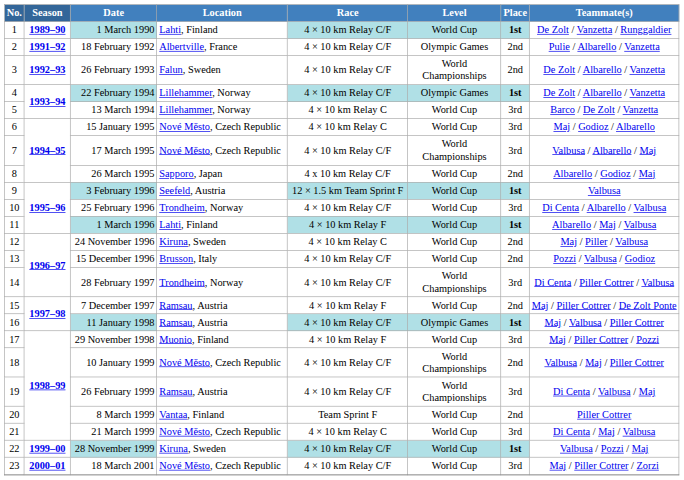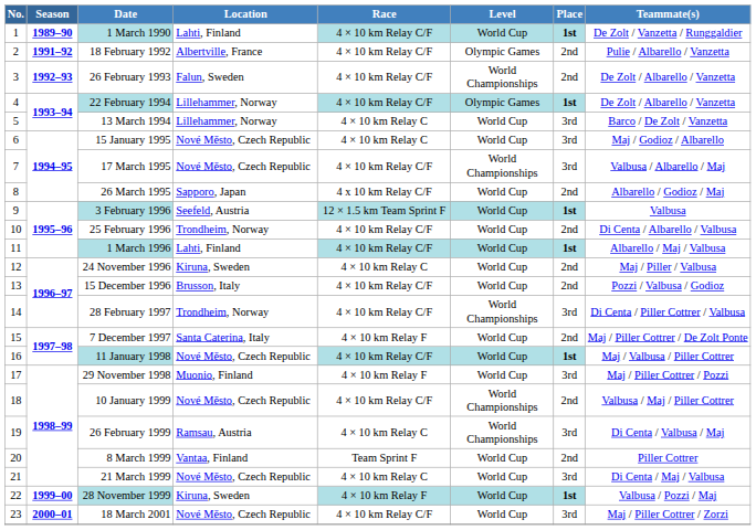 <table class="wikitable sortable" style="font-size:95%; text-align:center; border:grey solid 1px; border-collapse:collapse; background:#ffffff;">
 <tr style="background:#efefef;">
 <th style="background-color:#369; color:white;">No.</th>
 <th style="background-color:#369; color:white;">Season</th>
 <th style="background-color:#4180be; color:white; width:120px;">Date</th>
 <th style="background-color:#4180be; color:white; width:185px;">Location</th>
 <th style="background-color:#4180be; color:white; width:170px;">Race</th>
 <th style="background-color:#4180be; color:white; width:130px;">Level</th>
 <th style="background-color:#4180be; color:white;">Place</th>
 <th style="background-color:#4180be; color:white;">Teammate(s)</th>
 </tr>
 <tr>
 <td align=center>1</td>
 <td rowspan=1 align=center><strong><a href='#'>1989–90</a></strong></td>
 <td bgcolor="#BOEOE6" align=right>1 March 1990</td>
 <td align=left> <a href='#'>Lahti</a>, Finland</td>
 <td bgcolor="#BOEOE6">4 × 10 km Relay C/F</td>
 <td bgcolor="#BOEOE6">World Cup</td>
 <td bgcolor="#BOEOE6"><strong>1st</strong></td>
 <td><a href='#'>De Zolt</a> / <a href='#'>Vanzetta</a> / <a href='#'>Runggaldier</a></td>
 </tr>
 <tr>
 <td align=center>2</td>
 <td rowspan=1 align=center><strong> <a href='#'>1991–92</a> </strong></td>
 <td align=right>18 February 1992</td>
 <td align=left> <a href='#'>Albertville</a>, France</td>
 <td>4 × 10 km Relay C/F</td>
 <td>Olympic Games</td>
 <td>2nd</td>
 <td><a href='#'>Pulie</a> / <a href='#'>Albarello</a> / <a href='#'>Vanzetta</a></td>
 </tr>
 <tr>
 <td align=center>3</td>
 <td rowspan=1 align=center><strong> <a href='#'>1992–93</a> </strong></td>
 <td align=right>26 February 1993</td>
 <td align=left> <a href='#'>Falun</a>, Sweden</td>
 <td>4 × 10 km Relay C/F</td>
 <td>World Championships</td>
 <td>2nd</td>
 <td><a href='#'>De Zolt</a> / <a href='#'>Albarello</a> / <a href='#'>Vanzetta</a></td>
 </tr>
 <tr>
 <td align=center>4</td>
 <td rowspan=2 align=center><strong><a href='#'>1993–94</a></strong></td>
 <td bgcolor="#BOEOE6" align=right>22 February 1994</td>
 <td align=left> <a href='#'>Lillehammer</a>, Norway</td>
 <td bgcolor="#BOEOE6">4 × 10 km Relay C/F</td>
 <td bgcolor="#BOEOE6">Olympic Games</td>
 <td bgcolor="#BOEOE6"><strong>1st</strong></td>
 <td><a href='#'>De Zolt</a> / <a href='#'>Albarello</a> / <a href='#'>Vanzetta</a></td>
 </tr>
 <tr>
 <td align=center>5</td>
 <td align=right>13 March 1994</td>
 <td align=left> <a href='#'>Lillehammer</a>, Norway</td>
 <td>4 × 10 km Relay C</td>
 <td>World Cup</td>
 <td>3rd</td>
 <td><a href='#'>Barco</a> / <a href='#'>De Zolt</a> / <a href='#'>Vanzetta</a></td>
 </tr>
 <tr>
 <td align=center>6</td>
 <td rowspan=3 align=center><strong> <a href='#'>1994–95</a> </strong></td>
 <td align=right>15 January 1995</td>
 <td align=left> <a href='#'>Nové Město</a>, Czech Republic</td>
 <td>4 × 10 km Relay C</td>
 <td>World Cup</td>
 <td>3rd</td>
 <td><a href='#'>Maj</a> / <a href='#'>Godioz</a> / <a href='#'>Albarello</a></td>
 </tr>
 <tr>
 <td align=center>7</td>
 <td align=right>17 March 1995</td>
 <td align=left> <a href='#'>Nové Město</a>, Czech Republic</td>
 <td>4 × 10 km Relay C/F</td>
 <td>World Championships</td>
 <td>3rd</td>
 <td><a href='#'>Valbusa</a> / <a href='#'>Albarello</a> / <a href='#'>Maj</a></td>
 </tr>
 <tr>
 <td align=center>8</td>
 <td align=right>26 March 1995</td>
 <td align=left> <a href='#'>Sapporo</a>, Japan</td>
 <td>4 x 10 km Relay C/F</td>
 <td>World Cup</td>
 <td>2nd</td>
 <td><a href='#'>Albarello</a> / <a href='#'>Godioz</a> / <a href='#'>Maj</a></td>
 </tr>
 <tr>
 <td align=center>9</td>
 <td rowspan=3 align=center><strong><a href='#'>1995–96</a></strong></td>
 <td bgcolor="#BOEOE6" align=right>3 February 1996</td>
 <td align=left> <a href='#'>Seefeld</a>, Austria</td>
 <td bgcolor="#BOEOE6">12 × 1.5 km Team Sprint F</td>
 <td bgcolor="#BOEOE6">World Cup</td>
 <td bgcolor="#BOEOE6"><strong>1st</strong></td>
 <td><a href='#'>Valbusa</a></td>
 </tr>
 <tr>
 <td align=center>10</td>
 <td align=right>25 February 1996</td>
 <td align=left> <a href='#'>Trondheim</a>, Norway</td>
 <td>4 × 10 km Relay C/F</td>
 <td>World Cup</td>
-<td>3rd</td>
+<td>2nd</td>
 <td><a href='#'>Di Centa</a> / <a href='#'>Albarello</a> / <a href='#'>Valbusa</a></td>
 </tr>
 <tr>
 <td align=center>11</td>
 <td bgcolor="#BOEOE6" align=right>1 March 1996</td>
 <td align=left> <a href='#'>Lahti</a>, Finland</td>
-<td bgcolor="#BOEOE6">4 × 10 km Relay F</td>
+<td bgcolor="#BOEOE6">4 × 10 km Relay C/F</td>
 <td bgcolor="#BOEOE6">World Cup</td>
 <td bgcolor="#BOEOE6"><strong>1st</strong></td>
 <td><a href='#'>Albarello</a> / <a href='#'>Maj</a> / <a href='#'>Valbusa</a></td>
 </tr>
 <tr>
 <td align=center>12</td>
 <td rowspan=3 align=center><strong> <a href='#'>1996–97</a> </strong></td>
 <td align=right>24 November 1996</td>
 <td align=left> <a href='#'>Kiruna</a>, Sweden</td>
 <td>4 × 10 km Relay C</td>
 <td>World Cup</td>
 <td>2nd</td>
 <td><a href='#'>Maj</a> / <a href='#'>Piller</a> / <a href='#'>Valbusa</a></td>
 </tr>
 <tr>
 <td align=center>13</td>
 <td align=right>15 December 1996</td>
 <td align=left> <a href='#'>Brusson</a>, Italy</td>
 <td>4 × 10 km Relay C/F</td>
 <td>World Cup</td>
 <td>2nd</td>
 <td><a href='#'>Pozzi</a> / <a href='#'>Valbusa</a> / <a href='#'>Godioz</a></td>
 </tr>
 <tr>
 <td align=center>14</td>
 <td align=right>28 February 1997</td>
 <td align=left> <a href='#'>Trondheim</a>, Norway</td>
 <td>4 × 10 km Relay C/F</td>
 <td>World Championships</td>
 <td>3rd</td>
 <td><a href='#'>Di Centa</a> / <a href='#'>Piller Cottrer</a> / <a href='#'>Valbusa</a></td>
 </tr>
 <tr>
 <td align=center>15</td>
 <td rowspan=2 align=center><strong> <a href='#'>1997–98</a> </strong></td>
 <td align=right>7 December 1997</td>
-<td align=left> <a href='#'>Ramsau</a>, Austria</td>
+<td align=left> <a href='#'>Santa Caterina</a>, Italy</td>
 <td>4 × 10 km Relay F</td>
 <td>World Cup</td>
 <td>2nd</td>
 <td><a href='#'>Maj</a> / <a href='#'>Piller Cottrer</a> / <a href='#'>De Zolt Ponte</a></td>
 </tr>
 <tr>
 <td align=center>16</td>
 <td bgcolor="#BOEOE6" align=right>11 January 1998</td>
-<td align=left> <a href='#'>Ramsau</a>, Austria</td>
+<td align=left> <a href='#'>Nové Město</a>, Czech Republic</td>
 <td bgcolor="#BOEOE6">4 × 10 km Relay C/F</td>
-<td bgcolor="#BOEOE6">Olympic Games</td>
+<td bgcolor="#BOEOE6">World Cup</td>
 <td bgcolor="#BOEOE6"><strong>1st</strong></td>
 <td><a href='#'>Maj</a> / <a href='#'>Valbusa</a> / <a href='#'>Piller Cottrer</a></td>
 </tr>
 <tr>
 <td align=center>17</td>
 <td rowspan=5 align=center><strong> <a href='#'>1998–99</a> </strong></td>
 <td align=right>29 November 1998</td>
 <td align=left> <a href='#'>Muonio</a>, Finland</td>
 <td>4 × 10 km Relay F</td>
 <td>World Cup</td>
 <td>3rd</td>
 <td><a href='#'>Maj</a> / <a href='#'>Piller Cottrer</a> / <a href='#'>Pozzi</a></td>
 </tr>
 <tr>
 <td align=center>18</td>
 <td align=right>10 January 1999</td>
 <td align=left> <a href='#'>Nové Město</a>, Czech Republic</td>
 <td>4 × 10 km Relay C/F</td>
 <td>World Championships</td>
 <td>2nd</td>
 <td><a href='#'>Valbusa</a> / <a href='#'>Maj</a> / <a href='#'>Piller Cottrer</a></td>
 </tr>
 <tr>
 <td align=center>19</td>
 <td align=right>26 February 1999</td>
 <td align=left> <a href='#'>Ramsau</a>, Austria</td>
-<td>4 × 10 km Relay C/F</td>
+<td>4 × 10 km Relay C</td>
 <td>World Championships</td>
 <td>3rd</td>
 <td><a href='#'>Di Centa</a> / <a href='#'>Valbusa</a> / <a href='#'>Maj</a></td>
 </tr>
 <tr>
 <td align=center>20</td>
 <td align=right>8 March 1999</td>
 <td align=left> <a href='#'>Vantaa</a>, Finland</td>
 <td>Team Sprint F</td>
 <td>World Cup</td>
 <td>2nd</td>
 <td><a href='#'>Piller Cottrer</a></td>
 </tr>
 <tr>
 <td align=center>21</td>
 <td align=right>21 March 1999</td>
 <td align=left> <a href='#'>Nové Město</a>, Czech Republic</td>
 <td>4 × 10 km Relay C</td>
 <td>World Cup</td>
 <td>3rd</td>
 <td><a href='#'>Di Centa</a> / <a href='#'>Maj</a> / <a href='#'>Valbusa</a></td>
 </tr>
 <tr>
 <td align=center>22</td>
 <td rowspan=1 align=center><strong><a href='#'>1999–00</a></strong></td>
 <td bgcolor="#BOEOE6" align=right>28 November 1999</td>
 <td align=left> <a href='#'>Kiruna</a>, Sweden</td>
-<td bgcolor="#BOEOE6">4 × 10 km Relay C/F</td>
+<td bgcolor="#BOEOE6">4 × 10 km Relay F</td>
 <td bgcolor="#BOEOE6">World Cup</td>
 <td bgcolor="#BOEOE6"><strong>1st</strong></td>
 <td><a href='#'>Valbusa</a> / <a href='#'>Pozzi</a> / <a href='#'>Maj</a></td>
 </tr>
 <tr>
 <td align=center>23</td>
 <td rowspan=1 align=center><strong> <a href='#'>2000–01</a> </strong></td>
 <td align=right>18 March 2001</td>
 <td align=left> <a href='#'>Nové Město</a>, Czech Republic</td>
 <td>4 × 10 km Relay C/F</td>
 <td>World Cup</td>
 <td>3rd</td>
 <td><a href='#'>Maj</a> / <a href='#'>Piller Cottrer</a> / <a href='#'>Zorzi</a></td>
 </tr>
 <tr>
 </tr>
 </table>
